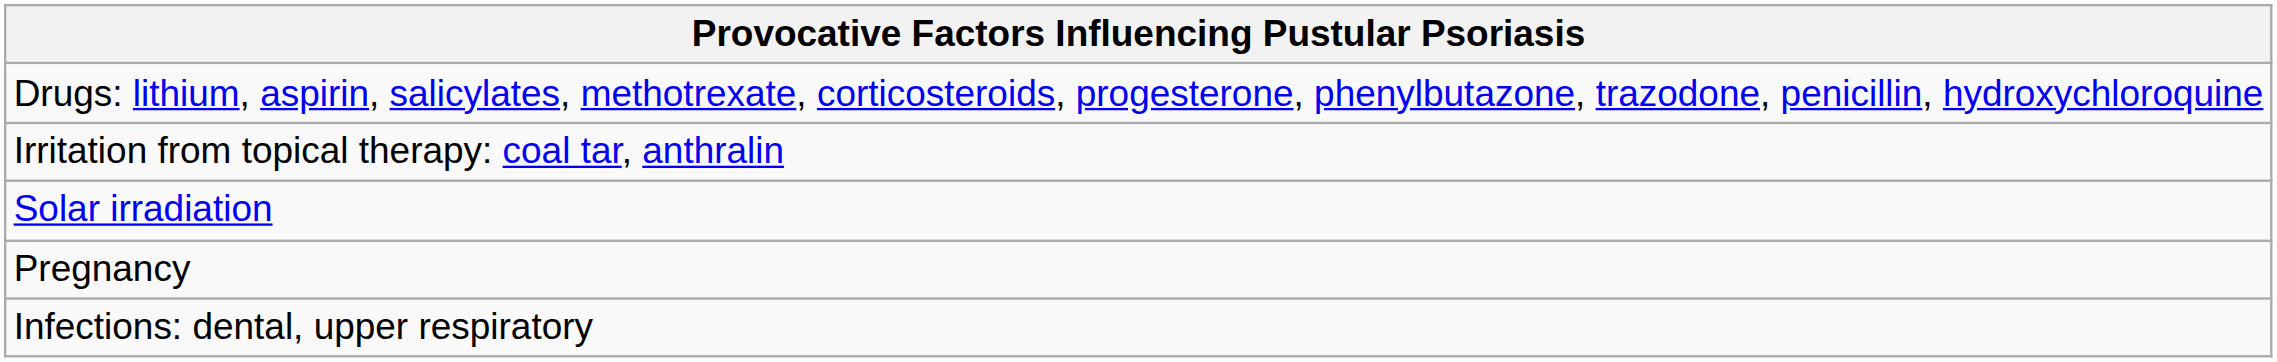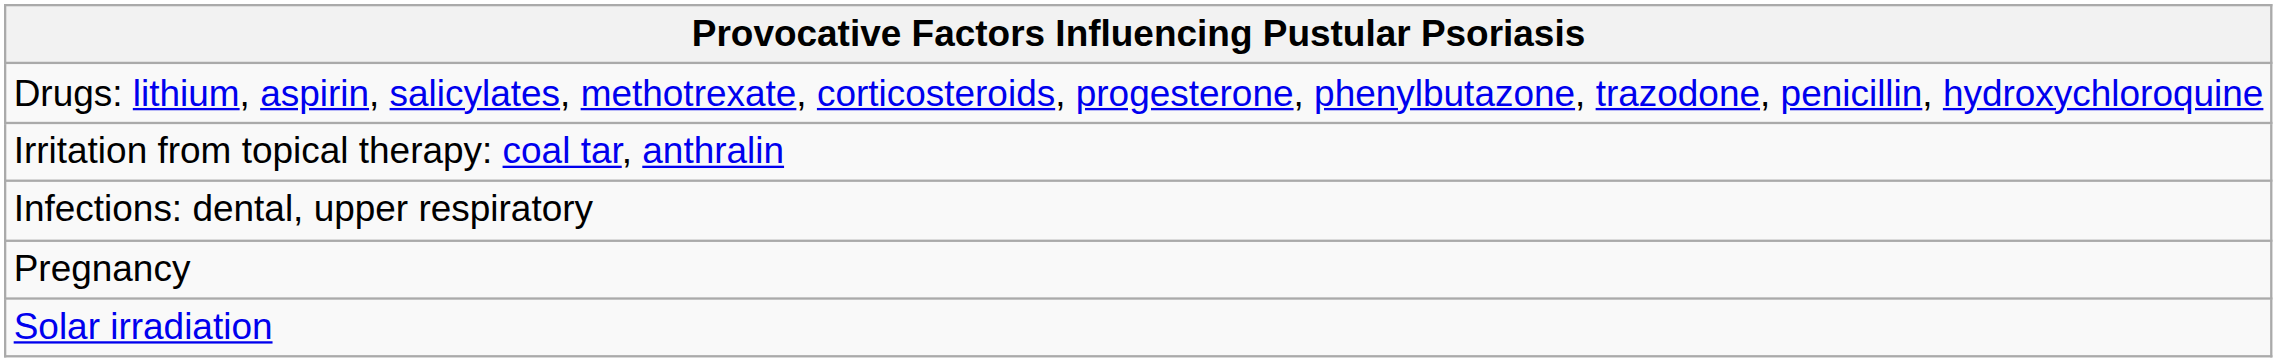 <table class="wikitable">
 <tr>
 <th>Provocative Factors Influencing Pustular Psoriasis</th>
 </tr>
 <tr>
 <td>Drugs: <a href='#'>lithium</a>, <a href='#'>aspirin</a>, <a href='#'>salicylates</a>, <a href='#'>methotrexate</a>, <a href='#'>corticosteroids</a>, <a href='#'>progesterone</a>, <a href='#'>phenylbutazone</a>, <a href='#'>trazodone</a>, <a href='#'>penicillin</a>, <a href='#'>hydroxychloroquine</a></td>
 </tr>
 <tr>
 <td>Irritation from topical therapy: <a href='#'>coal tar</a>, <a href='#'>anthralin</a></td>
 </tr>
 <tr>
-<td><a href='#'>Solar irradiation</a></td>
+<td>Infections: dental, upper respiratory</td>
 </tr>
 <tr>
 <td>Pregnancy</td>
 </tr>
 <tr>
-<td>Infections: dental, upper respiratory</td>
+<td><a href='#'>Solar irradiation</a></td>
 </tr>
 </table>
